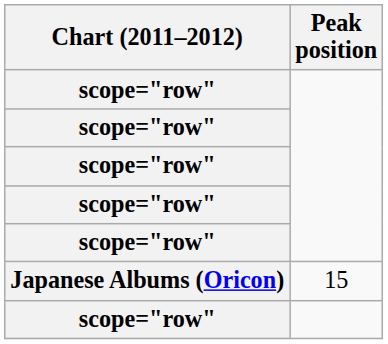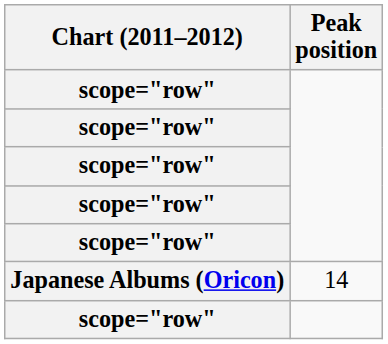 <table class="wikitable sortable plainrowheaders" style="text-align:center">
 <tr>
 <th scope="col">Chart (2011–2012)</th>
 <th scope="col">Peak<br>position</th>
 </tr>
 <tr>
 <th>scope="row"</th>
 </tr>
 <tr>
 <th>scope="row"</th>
 </tr>
 <tr>
 <th>scope="row"</th>
 </tr>
 <tr>
 <th>scope="row"</th>
 </tr>
 <tr>
 <th>scope="row"</th>
 </tr>
 <tr>
 <th scope="row">Japanese Albums (<a href='#'>Oricon</a>)</th>
-<td>15</td>
+<td>14</td>
 </tr>
 <tr>
 <th>scope="row"</th>
 </tr>
 </table>
